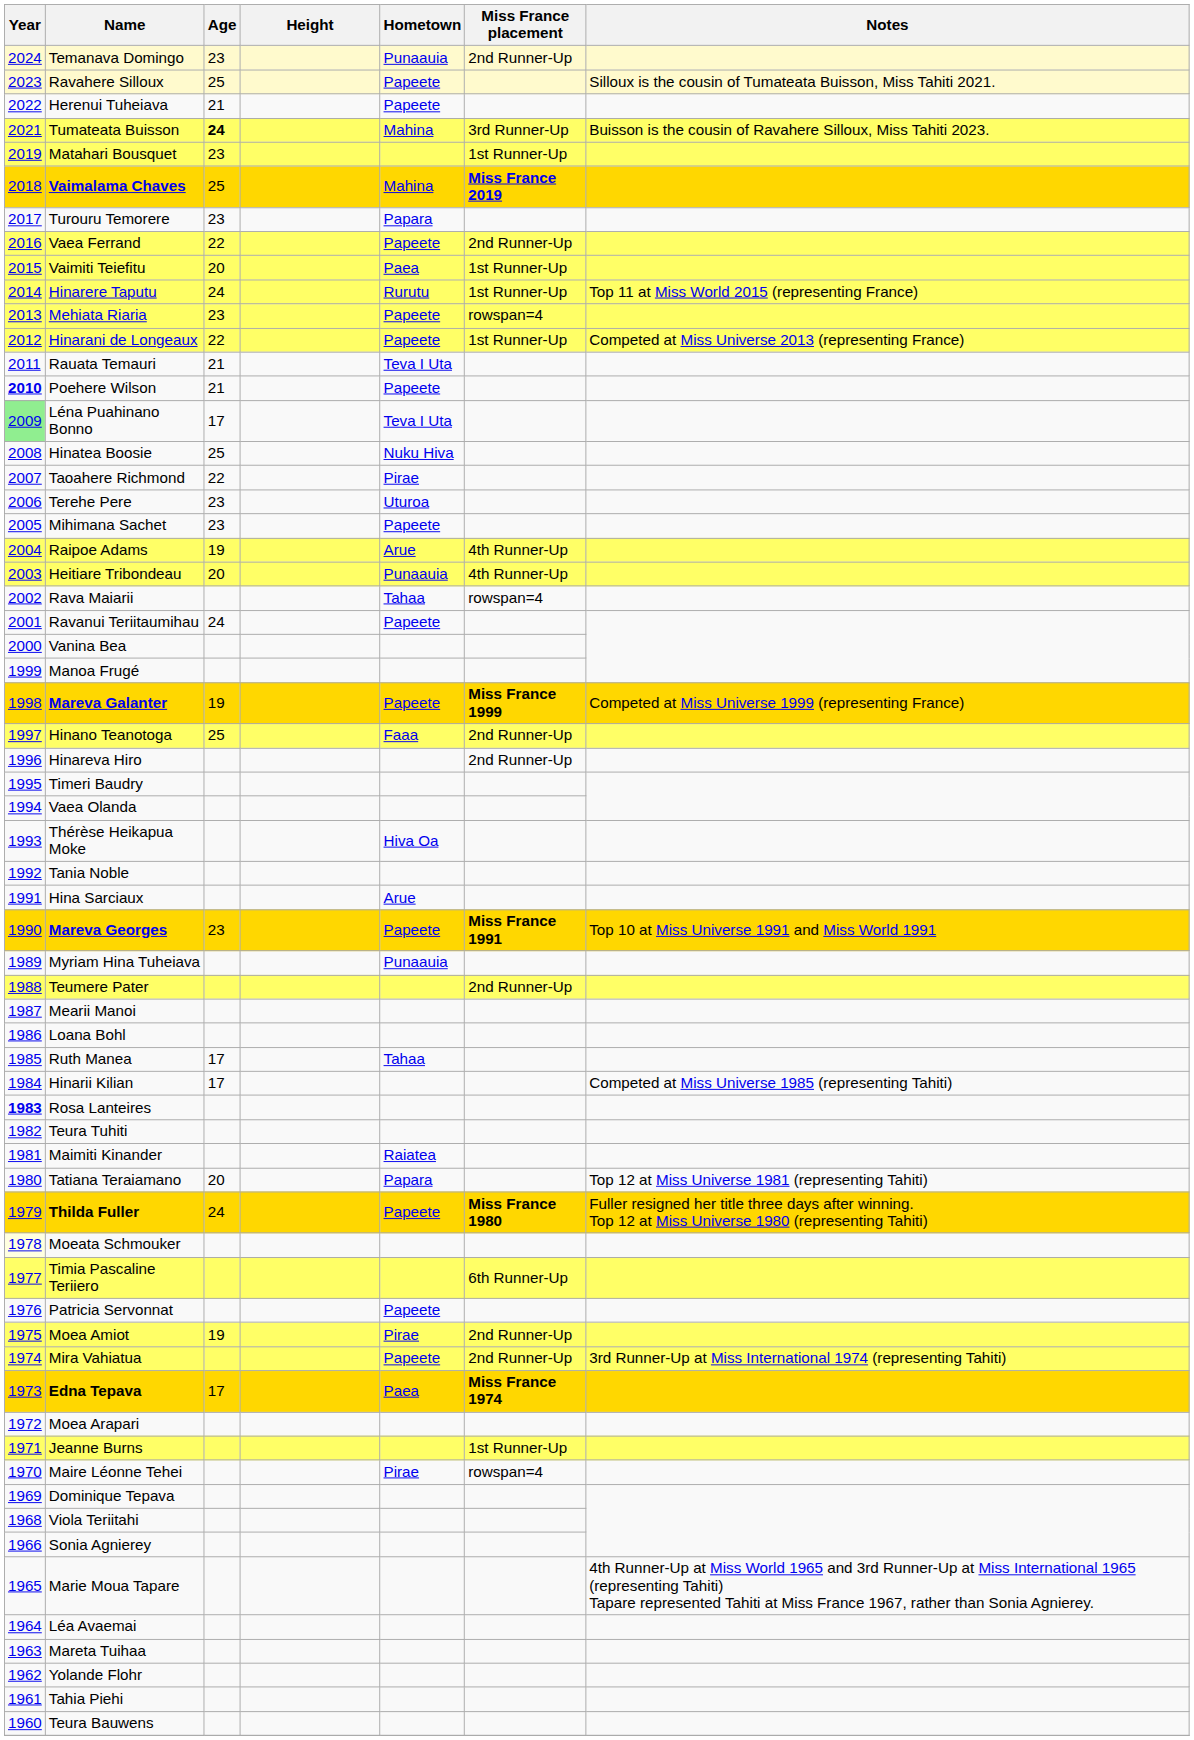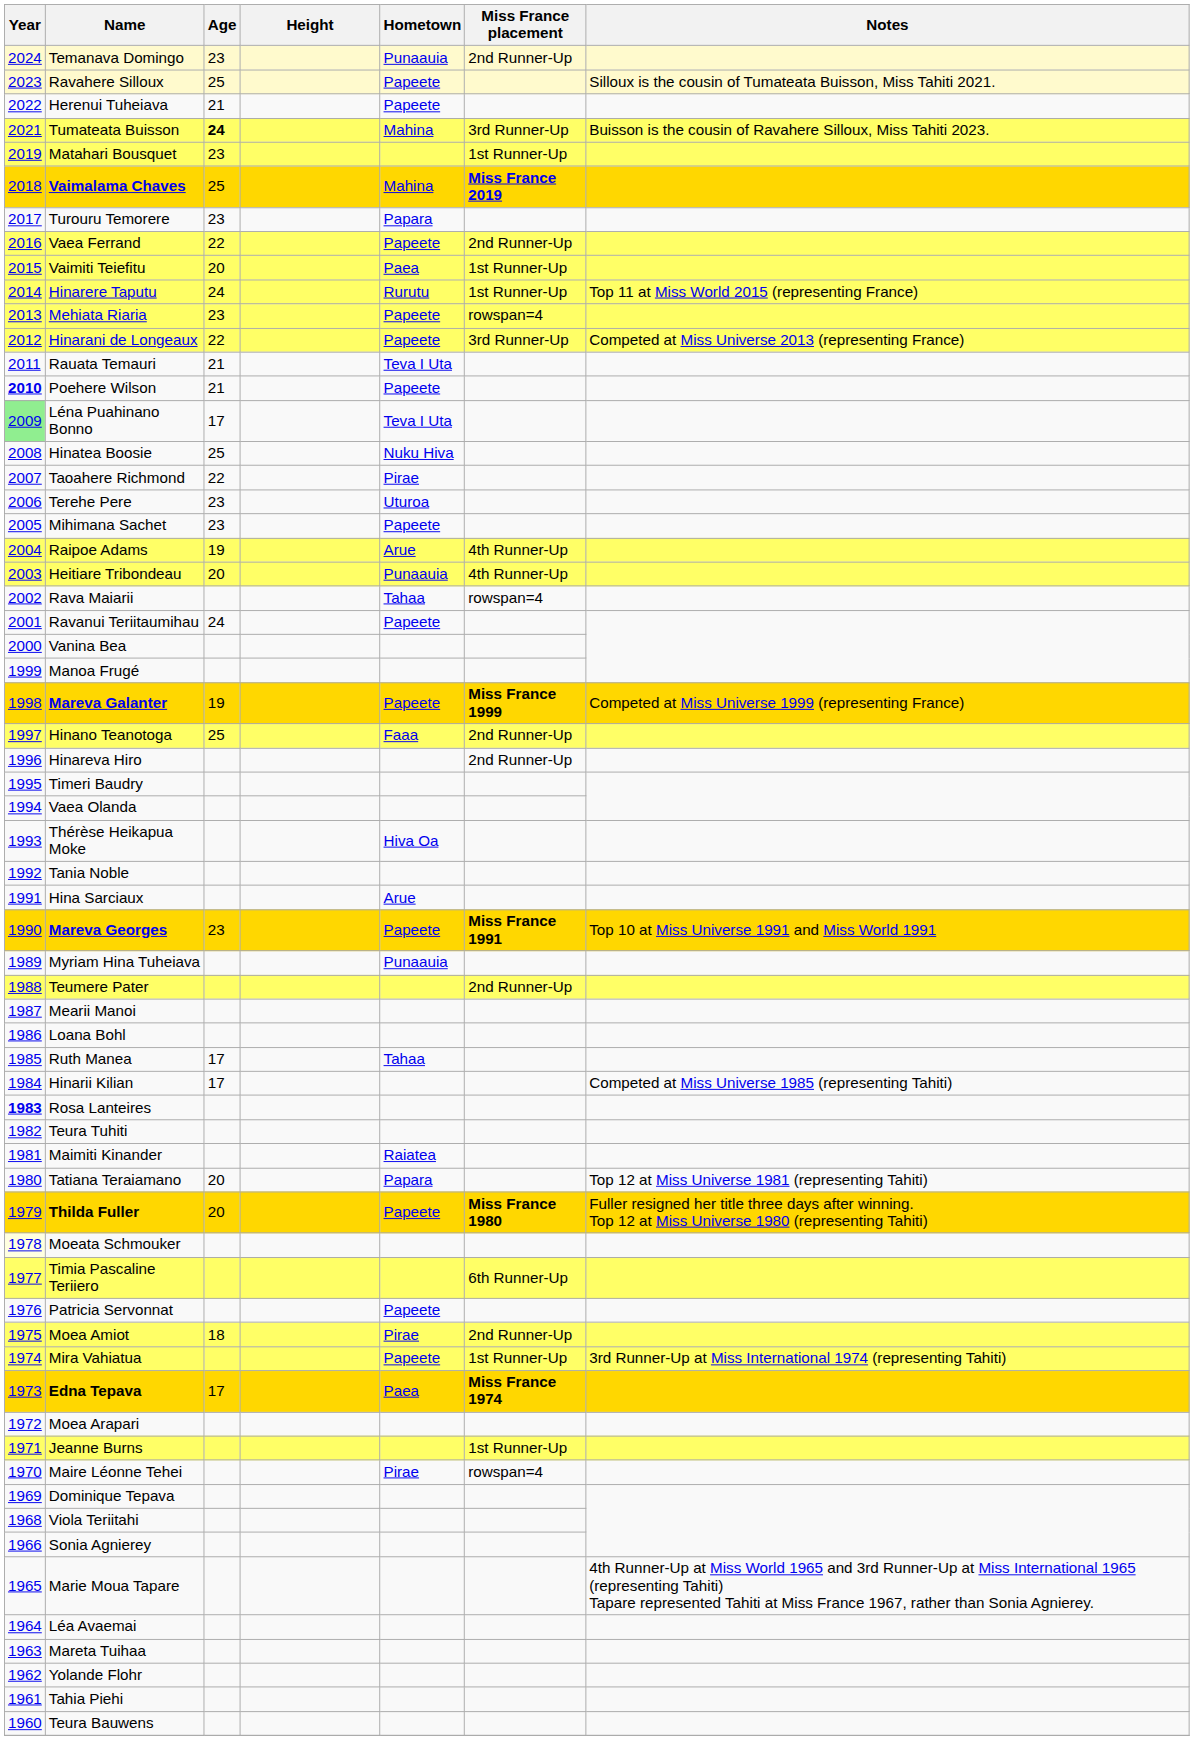 <table class="wikitable">
 <tr>
 <th>Year</th>
 <th width=160px>Name</th>
 <th>Age</th>
 <th width=140px>Height</th>
 <th>Hometown</th>
 <th width=120px>Miss France placement</th>
 <th>Notes</th>
 </tr>
 <tr bgcolor=#FFFACD>
 <td><a href='#'>2024</a></td>
 <td>Temanava Domingo</td>
 <td>23</td>
 <td></td>
 <td><a href='#'>Punaauia</a></td>
 <td>2nd Runner-Up</td>
 <td></td>
 </tr>
 <tr bgcolor=#FFFACD>
 <td><a href='#'>2023</a></td>
 <td>Ravahere Silloux</td>
 <td>25</td>
 <td></td>
 <td><a href='#'>Papeete</a></td>
 <td></td>
 <td>Silloux is the cousin of Tumateata Buisson, Miss Tahiti 2021.</td>
 </tr>
 <tr>
 <td><a href='#'>2022</a></td>
 <td>Herenui Tuheiava</td>
 <td>21</td>
 <td></td>
 <td><a href='#'>Papeete</a></td>
 <td></td>
 <td></td>
 </tr>
 <tr bgcolor=#FFFF66>
 <td><a href='#'>2021</a></td>
 <td>Tumateata Buisson</td>
 <td><strong>24</strong></td>
 <td></td>
 <td><a href='#'>Mahina</a></td>
 <td>3rd Runner-Up</td>
 <td>Buisson is the cousin of Ravahere Silloux, Miss Tahiti 2023.</td>
 </tr>
 <tr bgcolor=#FFFF66>
 <td><a href='#'>2019</a></td>
 <td>Matahari Bousquet</td>
 <td>23</td>
 <td></td>
 <td></td>
 <td>1st Runner-Up</td>
 <td></td>
 </tr>
 <tr bgcolor=gold>
 <td><a href='#'>2018</a></td>
 <td><strong><a href='#'>Vaimalama Chaves</a></strong></td>
 <td>25</td>
 <td></td>
 <td><a href='#'>Mahina</a></td>
 <td><strong><a href='#'>Miss France 2019</a></strong></td>
 <td></td>
 </tr>
 <tr>
 <td><a href='#'>2017</a></td>
 <td>Turouru Temorere</td>
 <td>23</td>
 <td></td>
 <td><a href='#'>Papara</a></td>
 <td></td>
 <td></td>
 </tr>
 <tr bgcolor=#FFFF66>
 <td><a href='#'>2016</a></td>
 <td>Vaea Ferrand</td>
 <td>22</td>
 <td></td>
 <td><a href='#'>Papeete</a></td>
 <td>2nd Runner-Up</td>
 <td></td>
 </tr>
 <tr bgcolor=#FFFF66>
 <td><a href='#'>2015</a></td>
 <td>Vaimiti Teiefitu</td>
 <td>20</td>
 <td></td>
 <td><a href='#'>Paea</a></td>
 <td>1st Runner-Up</td>
 <td></td>
 </tr>
 <tr bgcolor=#FFFF66>
 <td><a href='#'>2014</a></td>
 <td><a href='#'>Hinarere Taputu</a></td>
 <td>24</td>
 <td></td>
 <td><a href='#'>Rurutu</a></td>
 <td>1st Runner-Up</td>
 <td>Top 11 at <a href='#'>Miss World 2015</a> (representing France)</td>
 </tr>
 <tr bgcolor=#FFFF66>
 <td><a href='#'>2013</a></td>
 <td><a href='#'>Mehiata Riaria</a></td>
 <td>23</td>
 <td></td>
 <td><a href='#'>Papeete</a></td>
 <td>rowspan=4 </td>
 <td></td>
 </tr>
 <tr bgcolor=#FFFF66>
 <td><a href='#'>2012</a></td>
 <td><a href='#'>Hinarani de Longeaux</a></td>
 <td>22</td>
 <td></td>
 <td><a href='#'>Papeete</a></td>
-<td>1st Runner-Up</td>
+<td>3rd Runner-Up</td>
 <td>Competed at <a href='#'>Miss Universe 2013</a> (representing France)</td>
 </tr>
 <tr>
 <td><a href='#'>2011</a></td>
 <td>Rauata Temauri</td>
 <td>21</td>
 <td></td>
 <td><a href='#'>Teva I Uta</a></td>
 <td></td>
 <td></td>
 </tr>
 <tr>
 <td><strong><a href='#'>2010</a></strong></td>
 <td>Poehere Wilson</td>
 <td>21</td>
 <td></td>
 <td><a href='#'>Papeete</a></td>
 <td></td>
 <td></td>
 </tr>
 <tr>
 <td style="background: lightgreen;"><a href='#'>2009</a></td>
 <td>Léna Puahinano Bonno</td>
 <td>17</td>
 <td></td>
 <td><a href='#'>Teva I Uta</a></td>
 <td></td>
 <td></td>
 </tr>
 <tr>
 <td><a href='#'>2008</a></td>
 <td>Hinatea Boosie</td>
 <td>25</td>
 <td></td>
 <td><a href='#'>Nuku Hiva</a></td>
 <td></td>
 <td></td>
 </tr>
 <tr>
 <td><a href='#'>2007</a></td>
 <td>Taoahere Richmond</td>
 <td>22</td>
 <td></td>
 <td><a href='#'>Pirae</a></td>
 <td></td>
 <td></td>
 </tr>
 <tr>
 <td><a href='#'>2006</a></td>
 <td>Terehe Pere</td>
 <td>23</td>
 <td></td>
 <td><a href='#'>Uturoa</a></td>
 <td></td>
 <td></td>
 </tr>
 <tr>
 <td><a href='#'>2005</a></td>
 <td>Mihimana Sachet</td>
 <td>23</td>
 <td></td>
 <td><a href='#'>Papeete</a></td>
 <td></td>
 <td></td>
 </tr>
 <tr bgcolor=#FFFF66>
 <td><a href='#'>2004</a></td>
 <td>Raipoe Adams</td>
 <td>19</td>
 <td></td>
 <td><a href='#'>Arue</a></td>
 <td>4th Runner-Up</td>
 <td></td>
 </tr>
 <tr bgcolor=#FFFF66>
 <td><a href='#'>2003</a></td>
 <td>Heitiare Tribondeau</td>
 <td>20</td>
 <td></td>
 <td><a href='#'>Punaauia</a></td>
 <td>4th Runner-Up</td>
 <td></td>
 </tr>
 <tr>
 <td><a href='#'>2002</a></td>
 <td>Rava Maiarii</td>
 <td></td>
 <td></td>
 <td><a href='#'>Tahaa</a></td>
 <td>rowspan=4 </td>
 <td></td>
 </tr>
 <tr>
 <td><a href='#'>2001</a></td>
 <td>Ravanui Teriitaumihau</td>
 <td>24</td>
 <td></td>
 <td><a href='#'>Papeete</a></td>
 <td></td>
 </tr>
 <tr>
 <td><a href='#'>2000</a></td>
 <td>Vanina Bea</td>
 <td></td>
 <td></td>
 <td></td>
 <td></td>
 </tr>
 <tr>
 <td><a href='#'>1999</a></td>
 <td>Manoa Frugé</td>
 <td></td>
 <td></td>
 <td></td>
 <td></td>
 </tr>
 <tr bgcolor=gold>
 <td><a href='#'>1998</a></td>
 <td><strong><a href='#'>Mareva Galanter</a></strong></td>
 <td>19</td>
 <td></td>
 <td><a href='#'>Papeete</a></td>
 <td><strong>Miss France 1999</strong></td>
 <td>Competed at <a href='#'>Miss Universe 1999</a> (representing France)</td>
 </tr>
 <tr bgcolor=#FFFF66>
 <td><a href='#'>1997</a></td>
 <td>Hinano Teanotoga</td>
 <td>25</td>
 <td></td>
 <td><a href='#'>Faaa</a></td>
 <td>2nd Runner-Up</td>
 <td></td>
 </tr>
 <tr>
 <td><a href='#'>1996</a></td>
 <td>Hinareva Hiro</td>
 <td></td>
 <td></td>
 <td></td>
 <td>2nd Runner-Up</td>
 <td></td>
 </tr>
 <tr>
 <td><a href='#'>1995</a></td>
 <td>Timeri Baudry</td>
 <td></td>
 <td></td>
 <td></td>
 <td></td>
 </tr>
 <tr>
 <td><a href='#'>1994</a></td>
 <td>Vaea Olanda</td>
 <td></td>
 <td></td>
 <td></td>
 <td></td>
 </tr>
 <tr>
 <td><a href='#'>1993</a></td>
 <td>Thérèse Heikapua Moke</td>
 <td></td>
 <td></td>
 <td><a href='#'>Hiva Oa</a></td>
 <td></td>
 <td></td>
 </tr>
 <tr>
 <td><a href='#'>1992</a></td>
 <td>Tania Noble</td>
 <td></td>
 <td></td>
 <td></td>
 <td></td>
 <td></td>
 </tr>
 <tr>
 <td><a href='#'>1991</a></td>
 <td>Hina Sarciaux</td>
 <td></td>
 <td></td>
 <td><a href='#'>Arue</a></td>
 <td></td>
 <td></td>
 </tr>
 <tr bgcolor=gold>
 <td><a href='#'>1990</a></td>
 <td><strong><a href='#'>Mareva Georges</a></strong></td>
 <td>23</td>
 <td></td>
 <td><a href='#'>Papeete</a></td>
 <td><strong>Miss France 1991</strong></td>
 <td>Top 10 at <a href='#'>Miss Universe 1991</a> and <a href='#'>Miss World 1991</a></td>
 </tr>
 <tr>
 <td><a href='#'>1989</a></td>
 <td>Myriam Hina Tuheiava</td>
 <td></td>
 <td></td>
 <td><a href='#'>Punaauia</a></td>
 <td></td>
 <td></td>
 </tr>
 <tr bgcolor=#FFFF66>
 <td><a href='#'>1988</a></td>
 <td>Teumere Pater</td>
 <td></td>
 <td></td>
 <td></td>
 <td>2nd Runner-Up</td>
 <td></td>
 </tr>
 <tr>
 <td><a href='#'>1987</a></td>
 <td>Mearii Manoi</td>
 <td></td>
 <td></td>
 <td></td>
 <td></td>
 <td></td>
 </tr>
 <tr>
 <td><a href='#'>1986</a></td>
 <td>Loana Bohl</td>
 <td></td>
 <td></td>
 <td></td>
 <td></td>
 <td></td>
 </tr>
 <tr>
 <td><a href='#'>1985</a></td>
 <td>Ruth Manea</td>
 <td>17</td>
 <td></td>
 <td><a href='#'>Tahaa</a></td>
 <td></td>
 <td></td>
 </tr>
 <tr>
 <td><a href='#'>1984</a></td>
 <td>Hinarii Kilian</td>
 <td>17</td>
 <td></td>
 <td></td>
 <td></td>
 <td>Competed at <a href='#'>Miss Universe 1985</a> (representing Tahiti)</td>
 </tr>
 <tr>
 <td><strong><a href='#'>1983</a></strong></td>
 <td>Rosa Lanteires</td>
 <td></td>
 <td></td>
 <td></td>
 <td></td>
 <td></td>
 </tr>
 <tr>
 <td><a href='#'>1982</a></td>
 <td>Teura Tuhiti</td>
 <td></td>
 <td></td>
 <td></td>
 <td></td>
 <td></td>
 </tr>
 <tr>
 <td><a href='#'>1981</a></td>
 <td>Maimiti Kinander</td>
 <td></td>
 <td></td>
 <td><a href='#'>Raiatea</a></td>
 <td></td>
 <td></td>
 </tr>
 <tr>
 <td><a href='#'>1980</a></td>
 <td>Tatiana Teraiamano</td>
 <td>20</td>
 <td></td>
 <td><a href='#'>Papara</a></td>
 <td></td>
 <td>Top 12 at <a href='#'>Miss Universe 1981</a> (representing Tahiti)</td>
 </tr>
 <tr bgcolor=gold>
 <td><a href='#'>1979</a></td>
 <td><strong>Thilda Fuller</strong></td>
-<td>24</td>
+<td>20</td>
 <td></td>
 <td><a href='#'>Papeete</a></td>
 <td><strong>Miss France 1980</strong></td>
 <td>Fuller resigned her title three days after winning.<br>Top 12 at <a href='#'>Miss Universe 1980</a> (representing Tahiti)</td>
 </tr>
 <tr>
 <td style="background: lightyellow;"><a href='#'>1978</a></td>
 <td>Moeata Schmouker</td>
 <td></td>
 <td></td>
 <td></td>
 <td></td>
 <td></td>
 </tr>
 <tr bgcolor=#FFFF66>
 <td><a href='#'>1977</a></td>
 <td>Timia Pascaline Teriiero</td>
 <td></td>
 <td></td>
 <td></td>
 <td>6th Runner-Up</td>
 <td></td>
 </tr>
 <tr>
 <td><a href='#'>1976</a></td>
 <td>Patricia Servonnat</td>
 <td></td>
 <td></td>
 <td><a href='#'>Papeete</a></td>
 <td></td>
 <td></td>
 </tr>
 <tr bgcolor=#FFFF66>
 <td><a href='#'>1975</a></td>
 <td>Moea Amiot</td>
-<td>19</td>
+<td>18</td>
 <td></td>
 <td><a href='#'>Pirae</a></td>
 <td>2nd Runner-Up</td>
 <td></td>
 </tr>
 <tr bgcolor=#FFFF66>
 <td><a href='#'>1974</a></td>
 <td>Mira Vahiatua</td>
 <td></td>
 <td></td>
 <td><a href='#'>Papeete</a></td>
-<td>2nd Runner-Up</td>
+<td>1st Runner-Up</td>
 <td>3rd Runner-Up at <a href='#'>Miss International 1974</a> (representing Tahiti)</td>
 </tr>
 <tr bgcolor=gold>
 <td><a href='#'>1973</a></td>
 <td><strong>Edna Tepava</strong></td>
 <td>17</td>
 <td></td>
 <td><a href='#'>Paea</a></td>
 <td><strong>Miss France 1974</strong></td>
 <td></td>
 </tr>
 <tr>
 <td><a href='#'>1972</a></td>
 <td>Moea Arapari</td>
 <td></td>
 <td></td>
 <td></td>
 <td></td>
 <td></td>
 </tr>
 <tr bgcolor=#FFFF66>
 <td><a href='#'>1971</a></td>
 <td>Jeanne Burns</td>
 <td></td>
 <td></td>
 <td></td>
 <td>1st Runner-Up</td>
 <td></td>
 </tr>
 <tr>
 <td><a href='#'>1970</a></td>
 <td>Maire Léonne Tehei</td>
 <td></td>
 <td></td>
 <td><a href='#'>Pirae</a></td>
 <td>rowspan=4 </td>
 <td></td>
 </tr>
 <tr>
 <td><a href='#'>1969</a></td>
 <td>Dominique Tepava</td>
 <td></td>
 <td></td>
 <td></td>
 <td></td>
 </tr>
 <tr>
 <td><a href='#'>1968</a></td>
 <td>Viola Teriitahi</td>
 <td></td>
 <td></td>
 <td></td>
 <td></td>
 </tr>
 <tr>
 <td><a href='#'>1966</a></td>
 <td>Sonia Agnierey</td>
 <td></td>
 <td></td>
 <td></td>
 <td></td>
 </tr>
 <tr>
 <td><a href='#'>1965</a></td>
 <td>Marie Moua Tapare</td>
 <td></td>
 <td></td>
 <td></td>
 <td></td>
 <td>4th Runner-Up at <a href='#'>Miss World 1965</a> and 3rd Runner-Up at <a href='#'>Miss International 1965</a> (representing Tahiti)<br>Tapare represented Tahiti at Miss France 1967, rather than Sonia Agnierey.</td>
 </tr>
 <tr>
 <td><a href='#'>1964</a></td>
 <td>Léa Avaemai</td>
 <td></td>
 <td></td>
 <td></td>
 <td></td>
 <td></td>
 </tr>
 <tr>
 <td><a href='#'>1963</a></td>
 <td>Mareta Tuihaa</td>
 <td></td>
 <td></td>
 <td></td>
 <td></td>
 <td></td>
 </tr>
 <tr>
 <td><a href='#'>1962</a></td>
 <td>Yolande Flohr</td>
 <td></td>
 <td></td>
 <td></td>
 <td></td>
 <td></td>
 </tr>
 <tr>
 <td><a href='#'>1961</a></td>
 <td>Tahia Piehi</td>
 <td></td>
 <td></td>
 <td></td>
 <td></td>
 <td></td>
 </tr>
 <tr>
 <td><a href='#'>1960</a></td>
 <td>Teura Bauwens</td>
 <td></td>
 <td></td>
 <td></td>
 <td></td>
 <td></td>
 </tr>
 <tr>
 </tr>
 </table>
